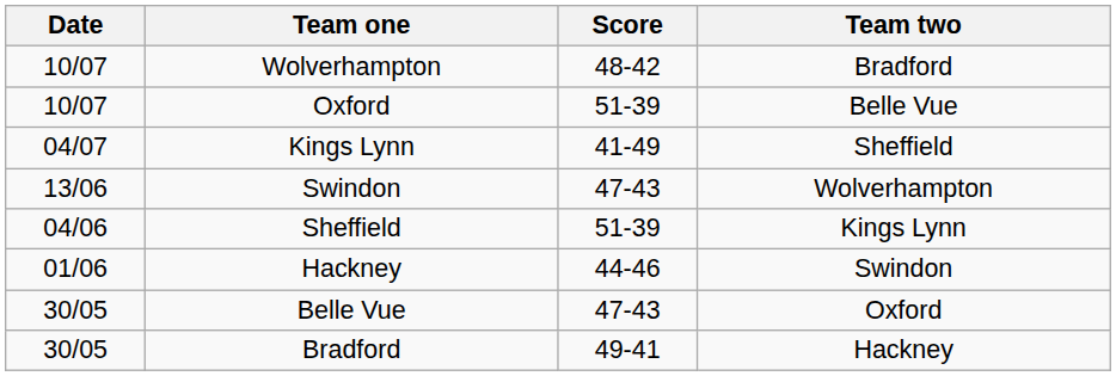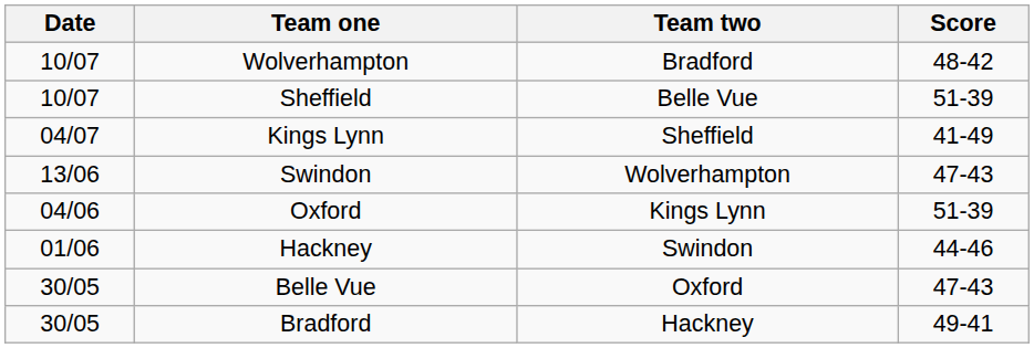 <table class="wikitable" style="text-align: center">
 <tr>
 <th width=80>Date</th>
 <th width=250>Team one</th>
+<th width=250>Team two</th>
 <th width=80>Score</th>
-<th width=250>Team two</th>
 </tr>
 <tr>
 <td>10/07</td>
 <td>Wolverhampton</td>
+<td>Bradford</td>
 <td>48-42</td>
-<td>Bradford</td>
 </tr>
 <tr>
 <td>10/07</td>
-<td>Oxford</td>
+<td>Sheffield</td>
+<td>Belle Vue</td>
 <td>51-39</td>
-<td>Belle Vue</td>
 </tr>
 <tr>
 <td>04/07</td>
 <td>Kings Lynn</td>
+<td>Sheffield</td>
 <td>41-49</td>
-<td>Sheffield</td>
 </tr>
 <tr>
 <td>13/06</td>
 <td>Swindon</td>
+<td>Wolverhampton</td>
 <td>47-43</td>
-<td>Wolverhampton</td>
 </tr>
 <tr>
 <td>04/06</td>
-<td>Sheffield</td>
+<td>Oxford</td>
+<td>Kings Lynn</td>
 <td>51-39</td>
-<td>Kings Lynn</td>
 </tr>
 <tr>
 <td>01/06</td>
 <td>Hackney</td>
+<td>Swindon</td>
 <td>44-46</td>
-<td>Swindon</td>
 </tr>
 <tr>
 <td>30/05</td>
 <td>Belle Vue</td>
+<td>Oxford</td>
 <td>47-43</td>
-<td>Oxford</td>
 </tr>
 <tr>
 <td>30/05</td>
 <td>Bradford</td>
+<td>Hackney</td>
 <td>49-41</td>
-<td>Hackney</td>
 </tr>
 </table>
